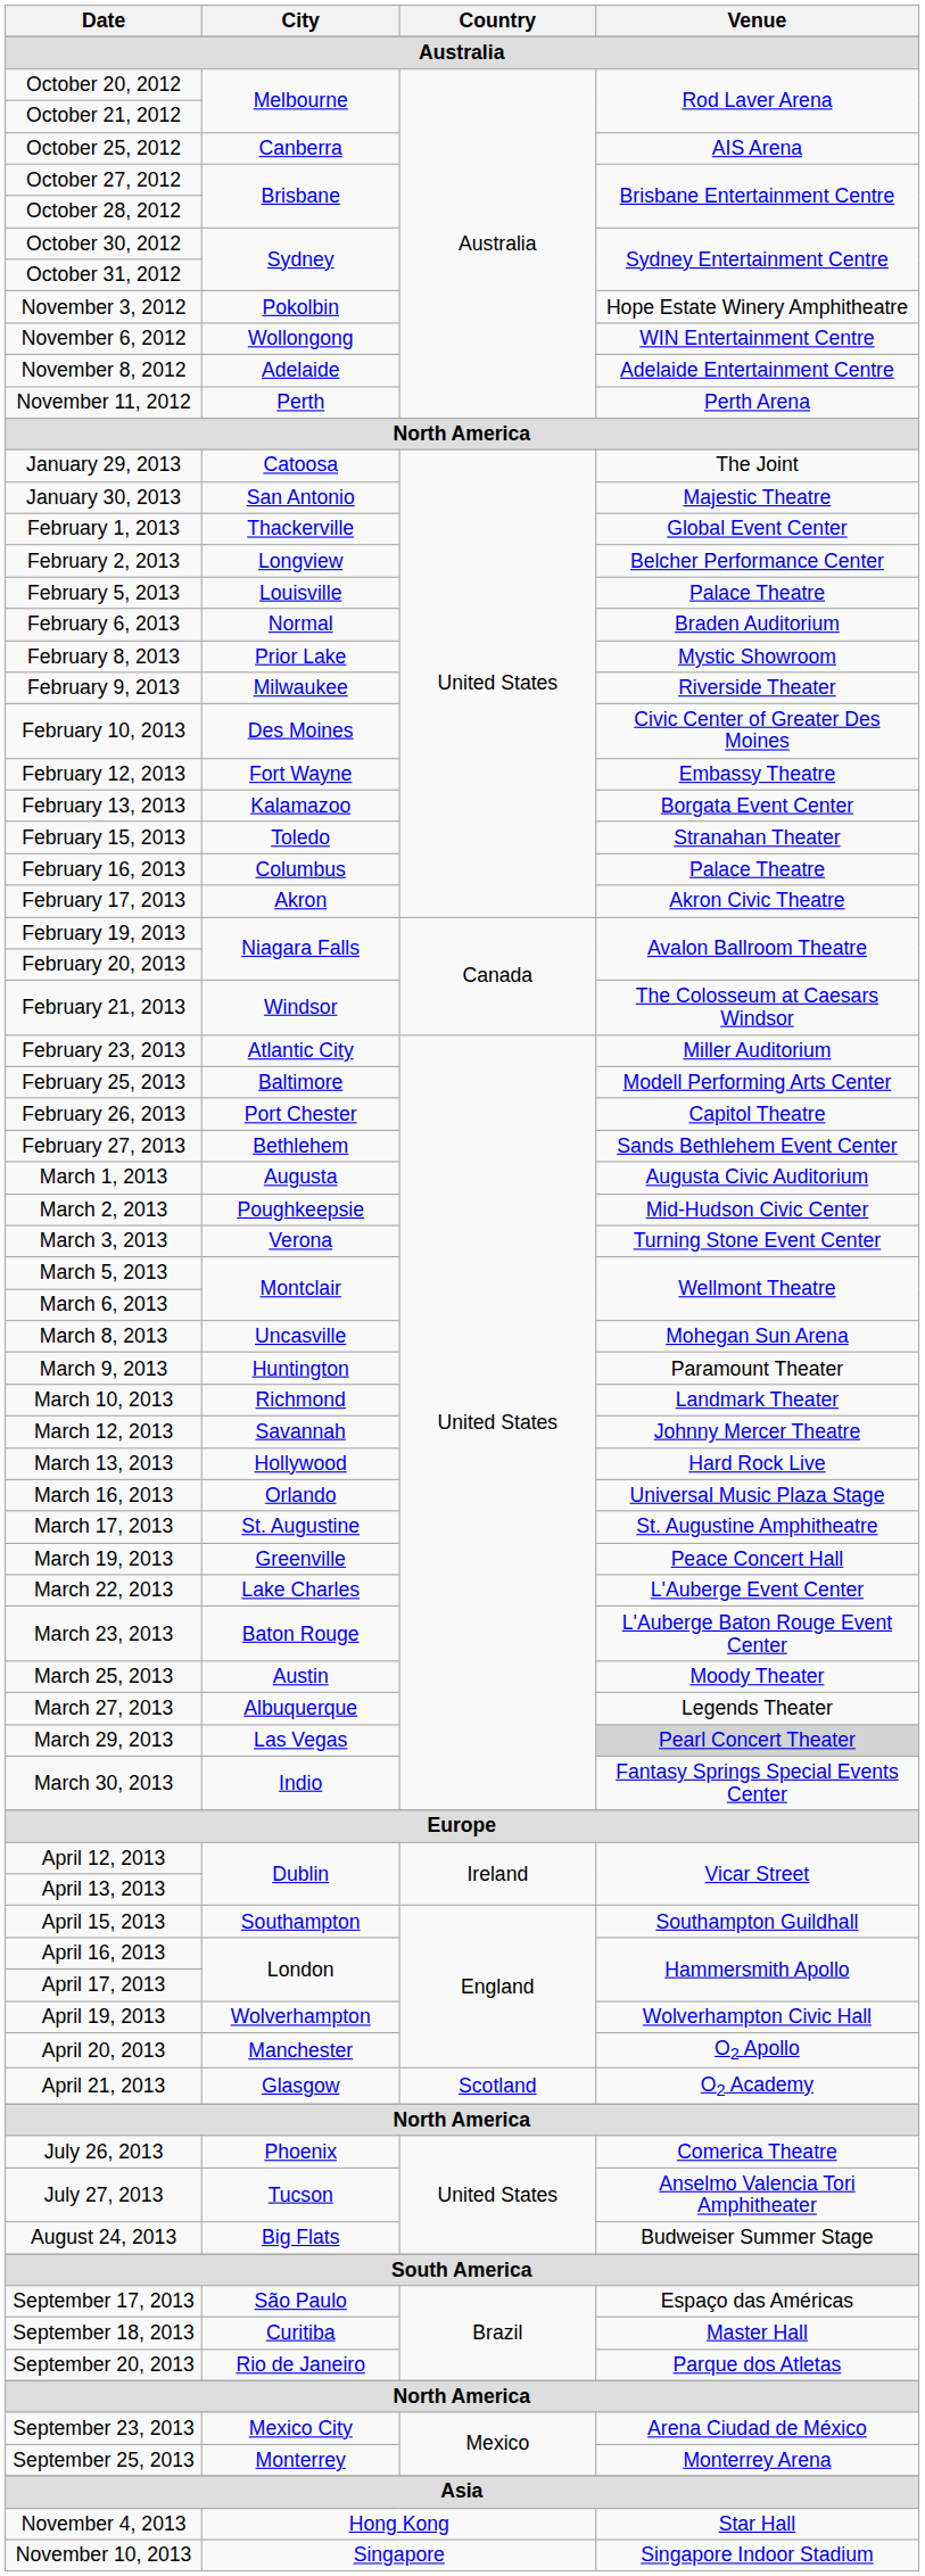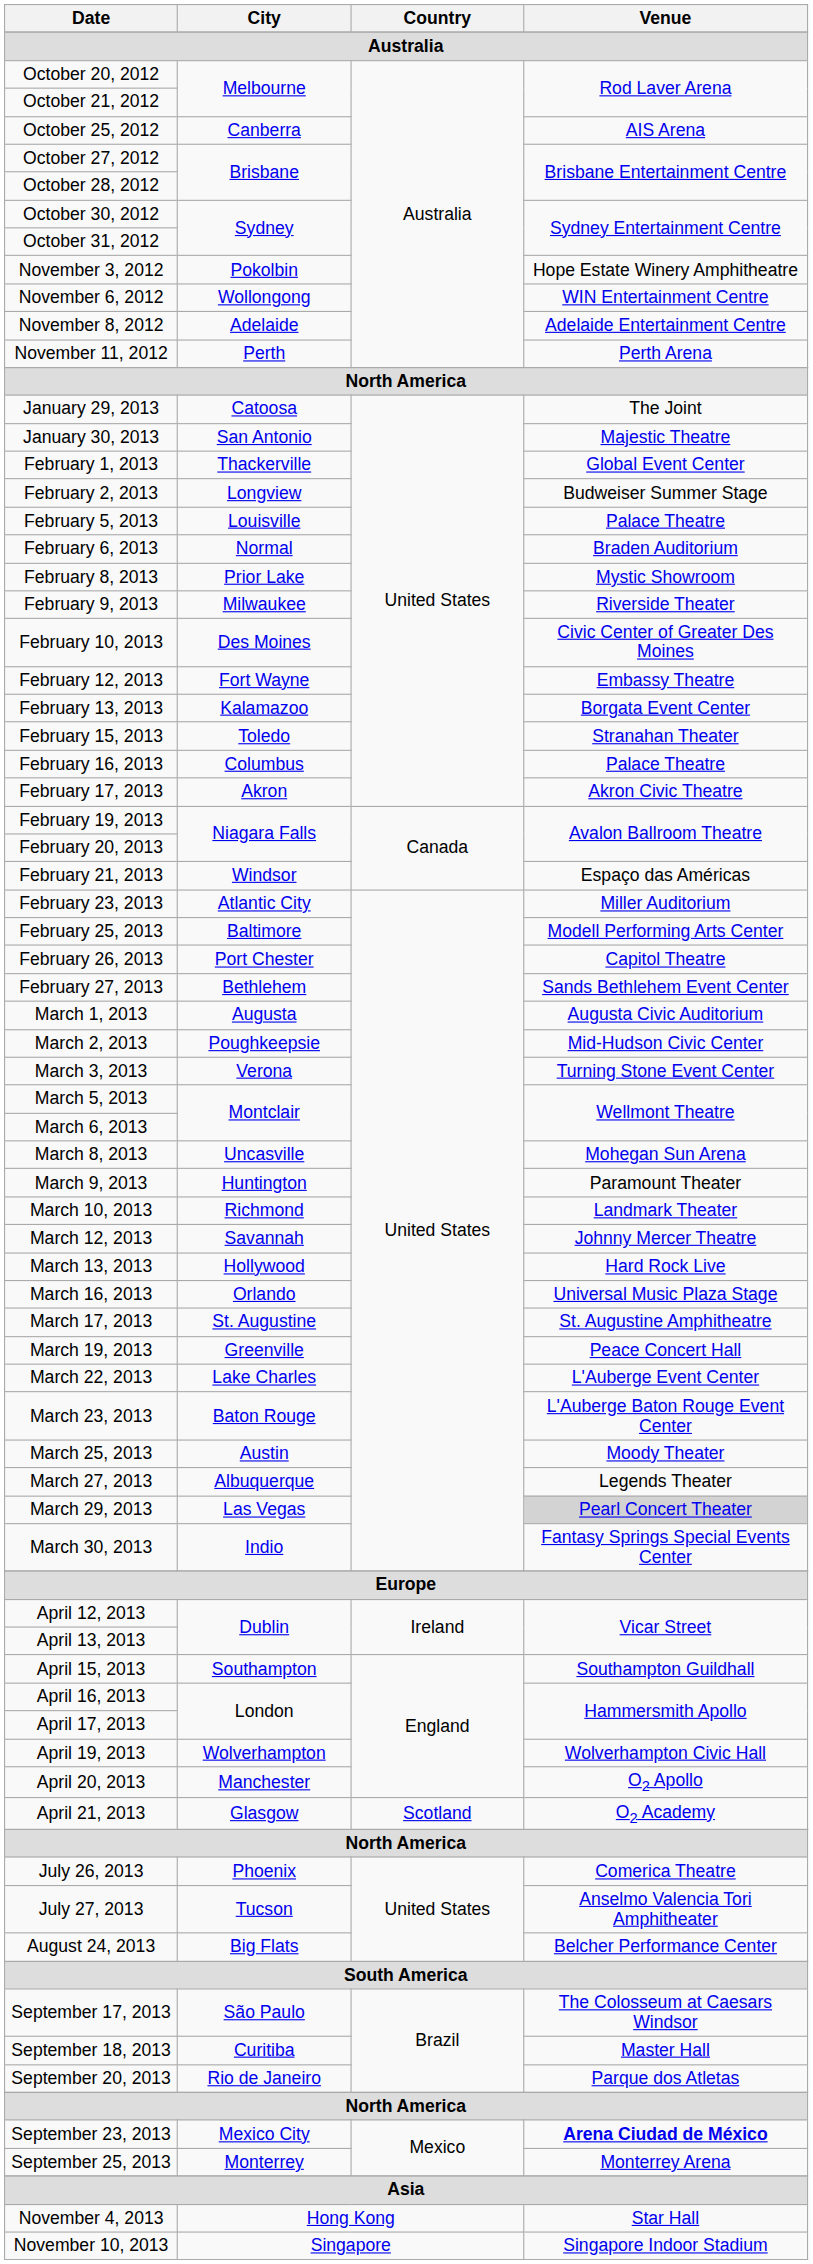 <table class="wikitable" style="text-align:center">
 <tr>
 <th style="width:150px;">Date</th>
 <th style="width:150px;">City</th>
 <th style="width:150px;">Country</th>
 <th style="width:250px;">Venue</th>
 </tr>
 <tr>
 </tr>
 <tr style="background:#ddd;">
 <td colspan="5" style="text-align:center;"><strong>Australia</strong></td>
 </tr>
 <tr>
 <td>October 20, 2012</td>
 <td rowspan="2"><a href='#'>Melbourne</a></td>
 <td rowspan="11">Australia</td>
 <td rowspan="2"><a href='#'>Rod Laver Arena</a></td>
 </tr>
 <tr>
 <td>October 21, 2012</td>
 </tr>
 <tr>
 <td>October 25, 2012</td>
 <td><a href='#'>Canberra</a></td>
 <td><a href='#'>AIS Arena</a></td>
 </tr>
 <tr>
 <td>October 27, 2012</td>
 <td rowspan="2"><a href='#'>Brisbane</a></td>
 <td rowspan="2"><a href='#'>Brisbane Entertainment Centre</a></td>
 </tr>
 <tr>
 <td>October 28, 2012</td>
 </tr>
 <tr>
 <td>October 30, 2012</td>
 <td rowspan="2"><a href='#'>Sydney</a></td>
 <td rowspan="2"><a href='#'>Sydney Entertainment Centre</a></td>
 </tr>
 <tr>
 <td>October 31, 2012</td>
 </tr>
 <tr>
 <td>November 3, 2012</td>
 <td><a href='#'>Pokolbin</a></td>
 <td>Hope Estate Winery Amphitheatre</td>
 </tr>
 <tr>
 <td>November 6, 2012</td>
 <td><a href='#'>Wollongong</a></td>
 <td><a href='#'>WIN Entertainment Centre</a></td>
 </tr>
 <tr>
 <td>November 8, 2012</td>
 <td><a href='#'>Adelaide</a></td>
 <td><a href='#'>Adelaide Entertainment Centre</a></td>
 </tr>
 <tr>
 <td>November 11, 2012</td>
 <td><a href='#'>Perth</a></td>
 <td><a href='#'>Perth Arena</a></td>
 </tr>
 <tr>
 </tr>
 <tr style="background:#ddd;">
 <td colspan="5" style="text-align:center;"><strong>North America</strong></td>
 </tr>
 <tr>
 <td>January 29, 2013</td>
 <td><a href='#'>Catoosa</a></td>
 <td rowspan="14">United States</td>
 <td>The Joint</td>
 </tr>
 <tr>
 <td>January 30, 2013</td>
 <td><a href='#'>San Antonio</a></td>
 <td><a href='#'>Majestic Theatre</a></td>
 </tr>
 <tr>
 <td>February 1, 2013</td>
 <td><a href='#'>Thackerville</a></td>
 <td><a href='#'>Global Event Center</a></td>
 </tr>
 <tr>
 <td>February 2, 2013</td>
 <td><a href='#'>Longview</a></td>
-<td><a href='#'>Belcher Performance Center</a></td>
+<td>Budweiser Summer Stage</td>
 </tr>
 <tr>
 <td>February 5, 2013</td>
 <td><a href='#'>Louisville</a></td>
 <td><a href='#'>Palace Theatre</a></td>
 </tr>
 <tr>
 <td>February 6, 2013</td>
 <td><a href='#'>Normal</a></td>
 <td><a href='#'>Braden Auditorium</a></td>
 </tr>
 <tr>
 <td>February 8, 2013</td>
 <td><a href='#'>Prior Lake</a></td>
 <td><a href='#'>Mystic Showroom</a></td>
 </tr>
 <tr>
 <td>February 9, 2013</td>
 <td><a href='#'>Milwaukee</a></td>
 <td><a href='#'>Riverside Theater</a></td>
 </tr>
 <tr>
 <td>February 10, 2013</td>
 <td><a href='#'>Des Moines</a></td>
 <td><a href='#'>Civic Center of Greater Des Moines</a></td>
 </tr>
 <tr>
 <td>February 12, 2013</td>
 <td><a href='#'>Fort Wayne</a></td>
 <td><a href='#'>Embassy Theatre</a></td>
 </tr>
 <tr>
 <td>February 13, 2013</td>
 <td><a href='#'>Kalamazoo</a></td>
 <td><a href='#'>Borgata Event Center</a></td>
 </tr>
 <tr>
 <td>February 15, 2013</td>
 <td><a href='#'>Toledo</a></td>
 <td><a href='#'>Stranahan Theater</a></td>
 </tr>
 <tr>
 <td>February 16, 2013</td>
 <td><a href='#'>Columbus</a></td>
 <td><a href='#'>Palace Theatre</a></td>
 </tr>
 <tr>
 <td>February 17, 2013</td>
 <td><a href='#'>Akron</a></td>
 <td><a href='#'>Akron Civic Theatre</a></td>
 </tr>
 <tr>
 <td>February 19, 2013</td>
 <td rowspan="2"><a href='#'>Niagara Falls</a></td>
 <td rowspan="3">Canada</td>
 <td rowspan="2"><a href='#'>Avalon Ballroom Theatre</a></td>
 </tr>
 <tr>
 <td>February 20, 2013</td>
 </tr>
 <tr>
 <td>February 21, 2013</td>
 <td><a href='#'>Windsor</a></td>
-<td><a href='#'>The Colosseum at Caesars Windsor</a></td>
+<td>Espaço das Américas</td>
 </tr>
 <tr>
 <td>February 23, 2013</td>
 <td><a href='#'>Atlantic City</a></td>
 <td rowspan="23">United States</td>
 <td><a href='#'>Miller Auditorium</a></td>
 </tr>
 <tr>
 <td>February 25, 2013</td>
 <td><a href='#'>Baltimore</a></td>
 <td><a href='#'>Modell Performing Arts Center</a></td>
 </tr>
 <tr>
 <td>February 26, 2013</td>
 <td><a href='#'>Port Chester</a></td>
 <td><a href='#'>Capitol Theatre</a></td>
 </tr>
 <tr>
 <td>February 27, 2013</td>
 <td><a href='#'>Bethlehem</a></td>
 <td><a href='#'>Sands Bethlehem Event Center</a></td>
 </tr>
 <tr>
 <td>March 1, 2013</td>
 <td><a href='#'>Augusta</a></td>
 <td><a href='#'>Augusta Civic Auditorium</a></td>
 </tr>
 <tr>
 <td>March 2, 2013</td>
 <td><a href='#'>Poughkeepsie</a></td>
 <td><a href='#'>Mid-Hudson Civic Center</a></td>
 </tr>
 <tr>
 <td>March 3, 2013</td>
 <td><a href='#'>Verona</a></td>
 <td><a href='#'>Turning Stone Event Center</a></td>
 </tr>
 <tr>
 <td>March 5, 2013</td>
 <td rowspan="2"><a href='#'>Montclair</a></td>
 <td rowspan="2"><a href='#'>Wellmont Theatre</a></td>
 </tr>
 <tr>
 <td>March 6, 2013</td>
 </tr>
 <tr>
 <td>March 8, 2013</td>
 <td><a href='#'>Uncasville</a></td>
 <td><a href='#'>Mohegan Sun Arena</a></td>
 </tr>
 <tr>
 <td>March 9, 2013</td>
 <td><a href='#'>Huntington</a></td>
 <td>Paramount Theater</td>
 </tr>
 <tr>
 <td>March 10, 2013</td>
 <td><a href='#'>Richmond</a></td>
 <td><a href='#'>Landmark Theater</a></td>
 </tr>
 <tr>
 <td>March 12, 2013</td>
 <td><a href='#'>Savannah</a></td>
 <td><a href='#'>Johnny Mercer Theatre</a></td>
 </tr>
 <tr>
 <td>March 13, 2013</td>
 <td><a href='#'>Hollywood</a></td>
 <td><a href='#'>Hard Rock Live</a></td>
 </tr>
 <tr>
 <td>March 16, 2013</td>
 <td><a href='#'>Orlando</a></td>
 <td><a href='#'>Universal Music Plaza Stage</a></td>
 </tr>
 <tr>
 <td>March 17, 2013</td>
 <td><a href='#'>St. Augustine</a></td>
 <td><a href='#'>St. Augustine Amphitheatre</a></td>
 </tr>
 <tr>
 <td>March 19, 2013</td>
 <td><a href='#'>Greenville</a></td>
 <td><a href='#'>Peace Concert Hall</a></td>
 </tr>
 <tr>
 <td>March 22, 2013</td>
 <td><a href='#'>Lake Charles</a></td>
 <td><a href='#'>L'Auberge Event Center</a></td>
 </tr>
 <tr>
 <td>March 23, 2013</td>
 <td><a href='#'>Baton Rouge</a></td>
 <td><a href='#'>L'Auberge Baton Rouge Event Center</a></td>
 </tr>
 <tr>
 <td>March 25, 2013</td>
 <td><a href='#'>Austin</a></td>
 <td><a href='#'>Moody Theater</a></td>
 </tr>
 <tr>
 <td>March 27, 2013</td>
 <td><a href='#'>Albuquerque</a></td>
 <td>Legends Theater</td>
 </tr>
 <tr>
 <td>March 29, 2013</td>
 <td><a href='#'>Las Vegas</a></td>
 <td style="background: lightgrey;"><a href='#'>Pearl Concert Theater</a></td>
 </tr>
 <tr>
 <td>March 30, 2013</td>
 <td><a href='#'>Indio</a></td>
 <td><a href='#'>Fantasy Springs Special Events Center</a></td>
 </tr>
 <tr>
 </tr>
 <tr style="background:#ddd;">
 <td colspan="5" style="text-align:center;"><strong>Europe</strong></td>
 </tr>
 <tr>
 <td>April 12, 2013</td>
 <td rowspan="2"><a href='#'>Dublin</a></td>
 <td rowspan="2">Ireland</td>
 <td rowspan="2"><a href='#'>Vicar Street</a></td>
 </tr>
 <tr>
 <td>April 13, 2013</td>
 </tr>
 <tr>
 <td>April 15, 2013</td>
 <td><a href='#'>Southampton</a></td>
 <td rowspan="5">England</td>
 <td><a href='#'>Southampton Guildhall</a></td>
 </tr>
 <tr>
 <td>April 16, 2013</td>
 <td rowspan="2">London</td>
 <td rowspan="2"><a href='#'>Hammersmith Apollo</a></td>
 </tr>
 <tr>
 <td>April 17, 2013</td>
 </tr>
 <tr>
 <td>April 19, 2013</td>
 <td><a href='#'>Wolverhampton</a></td>
 <td><a href='#'>Wolverhampton Civic Hall</a></td>
 </tr>
 <tr>
 <td>April 20, 2013</td>
 <td><a href='#'>Manchester</a></td>
 <td><a href='#'>O<sub>2</sub> Apollo</a></td>
 </tr>
 <tr>
 <td>April 21, 2013</td>
 <td><a href='#'>Glasgow</a></td>
 <td><a href='#'>Scotland</a></td>
 <td><a href='#'>O<sub>2</sub> Academy</a></td>
 </tr>
 <tr>
 </tr>
 <tr style="background:#ddd;">
 <td colspan="5" style="text-align:center;"><strong>North America</strong></td>
 </tr>
 <tr>
 <td>July 26, 2013</td>
 <td><a href='#'>Phoenix</a></td>
 <td rowspan="3">United States</td>
 <td><a href='#'>Comerica Theatre</a></td>
 </tr>
 <tr>
 <td>July 27, 2013</td>
 <td><a href='#'>Tucson</a></td>
 <td><a href='#'>Anselmo Valencia Tori Amphitheater</a></td>
 </tr>
 <tr>
 <td>August 24, 2013</td>
 <td><a href='#'>Big Flats</a></td>
-<td>Budweiser Summer Stage</td>
+<td><a href='#'>Belcher Performance Center</a></td>
 </tr>
 <tr>
 </tr>
 <tr style="background:#ddd;">
 <td colspan="5" style="text-align:center;"><strong>South America</strong></td>
 </tr>
 <tr>
 <td>September 17, 2013</td>
 <td><a href='#'>São Paulo</a></td>
 <td rowspan="3">Brazil</td>
-<td>Espaço das Américas</td>
+<td><a href='#'>The Colosseum at Caesars Windsor</a></td>
 </tr>
 <tr>
 <td>September 18, 2013</td>
 <td><a href='#'>Curitiba</a></td>
 <td><a href='#'>Master Hall</a></td>
 </tr>
 <tr>
 <td>September 20, 2013</td>
 <td><a href='#'>Rio de Janeiro</a></td>
 <td><a href='#'>Parque dos Atletas</a></td>
 </tr>
 <tr>
 </tr>
 <tr style="background:#ddd;">
 <td colspan="5" style="text-align:center;"><strong>North America</strong></td>
 </tr>
 <tr>
 <td>September 23, 2013</td>
 <td><a href='#'>Mexico City</a></td>
 <td rowspan="2">Mexico</td>
-<td><a href='#'>Arena Ciudad de México</a></td>
+<td><strong><a href='#'>Arena Ciudad de México</a></strong></td>
 </tr>
 <tr>
 <td>September 25, 2013</td>
 <td><a href='#'>Monterrey</a></td>
 <td><a href='#'>Monterrey Arena</a></td>
 </tr>
 <tr>
 </tr>
 <tr style="background:#ddd;">
 <td colspan="5" style="text-align:center;"><strong>Asia</strong></td>
 </tr>
 <tr>
 <td>November 4, 2013</td>
 <td colspan="2"><a href='#'>Hong Kong</a></td>
 <td><a href='#'>Star Hall</a></td>
 </tr>
 <tr>
 <td>November 10, 2013</td>
 <td colspan="2"><a href='#'>Singapore</a></td>
 <td><a href='#'>Singapore Indoor Stadium</a></td>
 </tr>
 <tr>
 </tr>
 </table>
